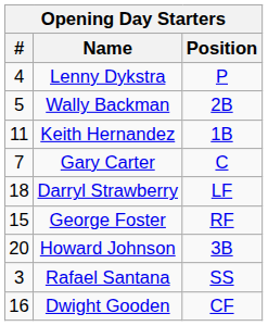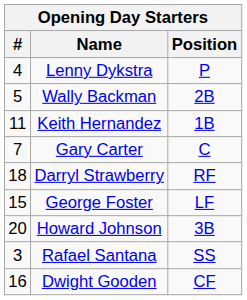 <table class="wikitable" style="text-align:center">
 <tr>
 <th colspan="3">Opening Day Starters</th>
 </tr>
 <tr>
 <th>#</th>
 <th>Name</th>
 <th>Position</th>
 </tr>
 <tr>
 <td>4</td>
 <td><a href='#'>Lenny Dykstra</a></td>
 <td><a href='#'>P</a></td>
 </tr>
 <tr>
 <td>5</td>
 <td><a href='#'>Wally Backman</a></td>
 <td><a href='#'>2B</a></td>
 </tr>
 <tr>
 <td>11</td>
 <td><a href='#'>Keith Hernandez</a></td>
 <td><a href='#'>1B</a></td>
 </tr>
 <tr>
 <td>7</td>
 <td><a href='#'>Gary Carter</a></td>
 <td><a href='#'>C</a></td>
 </tr>
 <tr>
 <td>18</td>
 <td><a href='#'>Darryl Strawberry</a></td>
-<td><a href='#'>LF</a></td>
+<td><a href='#'>RF</a></td>
 </tr>
 <tr>
 <td>15</td>
 <td><a href='#'>George Foster</a></td>
-<td><a href='#'>RF</a></td>
+<td><a href='#'>LF</a></td>
 </tr>
 <tr>
 <td>20</td>
 <td><a href='#'>Howard Johnson</a></td>
 <td><a href='#'>3B</a></td>
 </tr>
 <tr>
 <td>3</td>
 <td><a href='#'>Rafael Santana</a></td>
 <td><a href='#'>SS</a></td>
 </tr>
 <tr>
 <td>16</td>
 <td><a href='#'>Dwight Gooden</a></td>
 <td><a href='#'>CF</a></td>
 </tr>
 </table>
